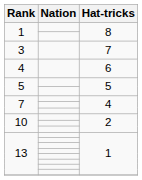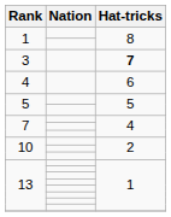 <table class="wikitable plainrowheaders" style="text-align:center;">
 <tr>
 <th>Rank</th>
 <th>Nation</th>
 <th>Hat-tricks</th>
 </tr>
 <tr>
 <td rowspan=2>1</td>
 <td align=left></td>
 <td rowspan=2>8</td>
 </tr>
 <tr>
 <td align=left></td>
 </tr>
 <tr>
 <td rowspan=1>3</td>
 <td align=left></td>
-<td rowspan=1>7</td>
+<td rowspan=1><strong>7</strong></td>
 </tr>
 <tr>
 <td>4</td>
 <td align=left></td>
 <td>6</td>
 </tr>
 <tr>
 <td rowspan=2>5</td>
 <td align=left></td>
 <td rowspan=2>5</td>
 </tr>
 <tr>
 <td align=left></td>
 </tr>
 <tr>
 <td rowspan=3>7</td>
 <td align=left></td>
 <td rowspan=3>4</td>
 </tr>
 <tr>
 <td align=left></td>
 </tr>
 <tr>
 <td align=left></td>
 </tr>
 <tr>
 <td rowspan=3>10</td>
 <td align=left></td>
 <td rowspan=3>2</td>
 </tr>
 <tr>
 <td align=left></td>
 </tr>
 <tr>
 <td align=left></td>
 </tr>
 <tr>
 <td rowspan=8>13</td>
 <td align=left></td>
 <td rowspan=8>1</td>
 </tr>
 <tr>
 <td align=left></td>
 </tr>
 <tr>
 <td align=left></td>
 </tr>
 <tr>
 <td align=left></td>
 </tr>
 <tr>
 <td align=left></td>
 </tr>
 <tr>
 <td align=left></td>
 </tr>
 <tr>
 <td align=left></td>
 </tr>
 <tr>
 <td align=left></td>
 </tr>
 <tr>
 </tr>
 </table>
